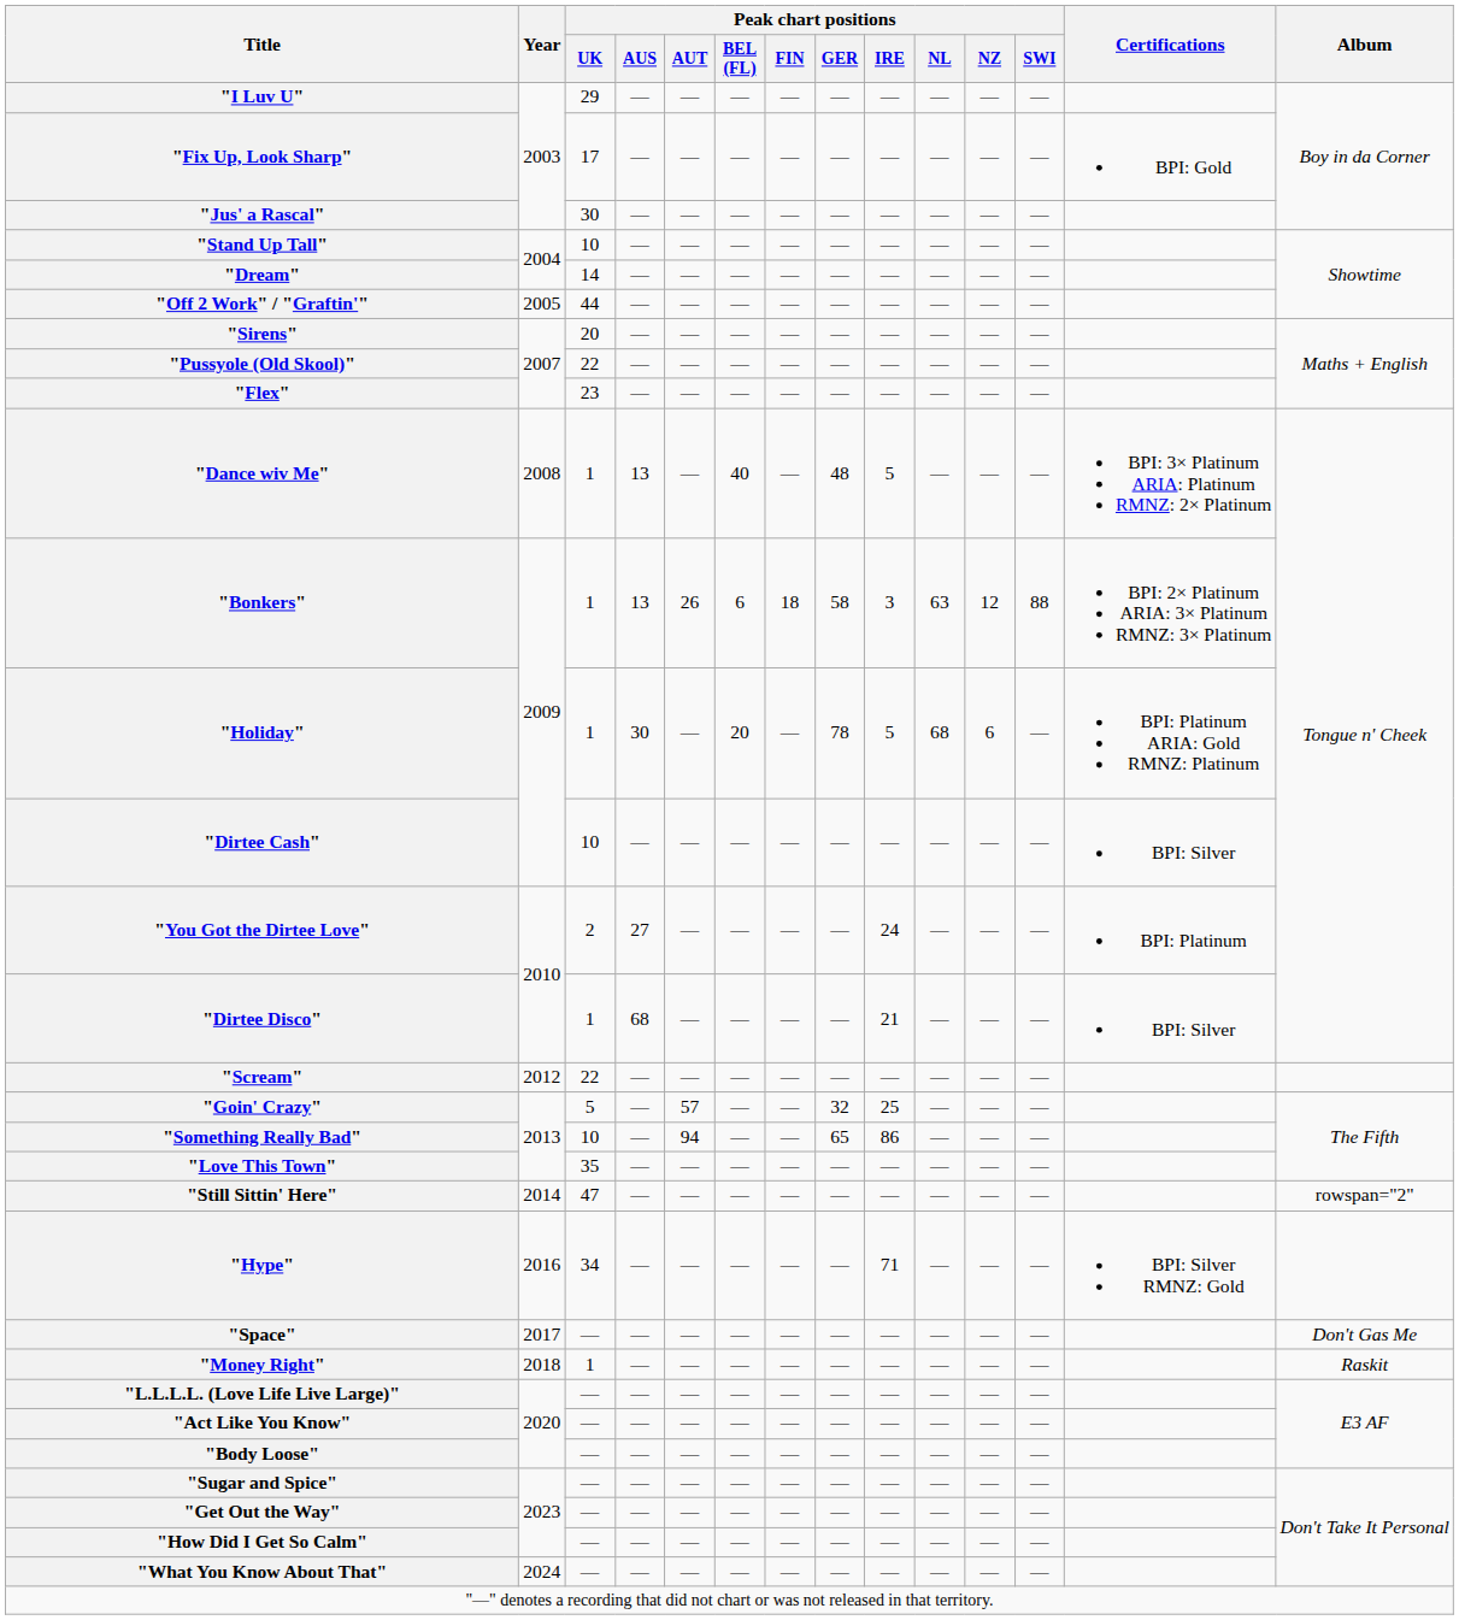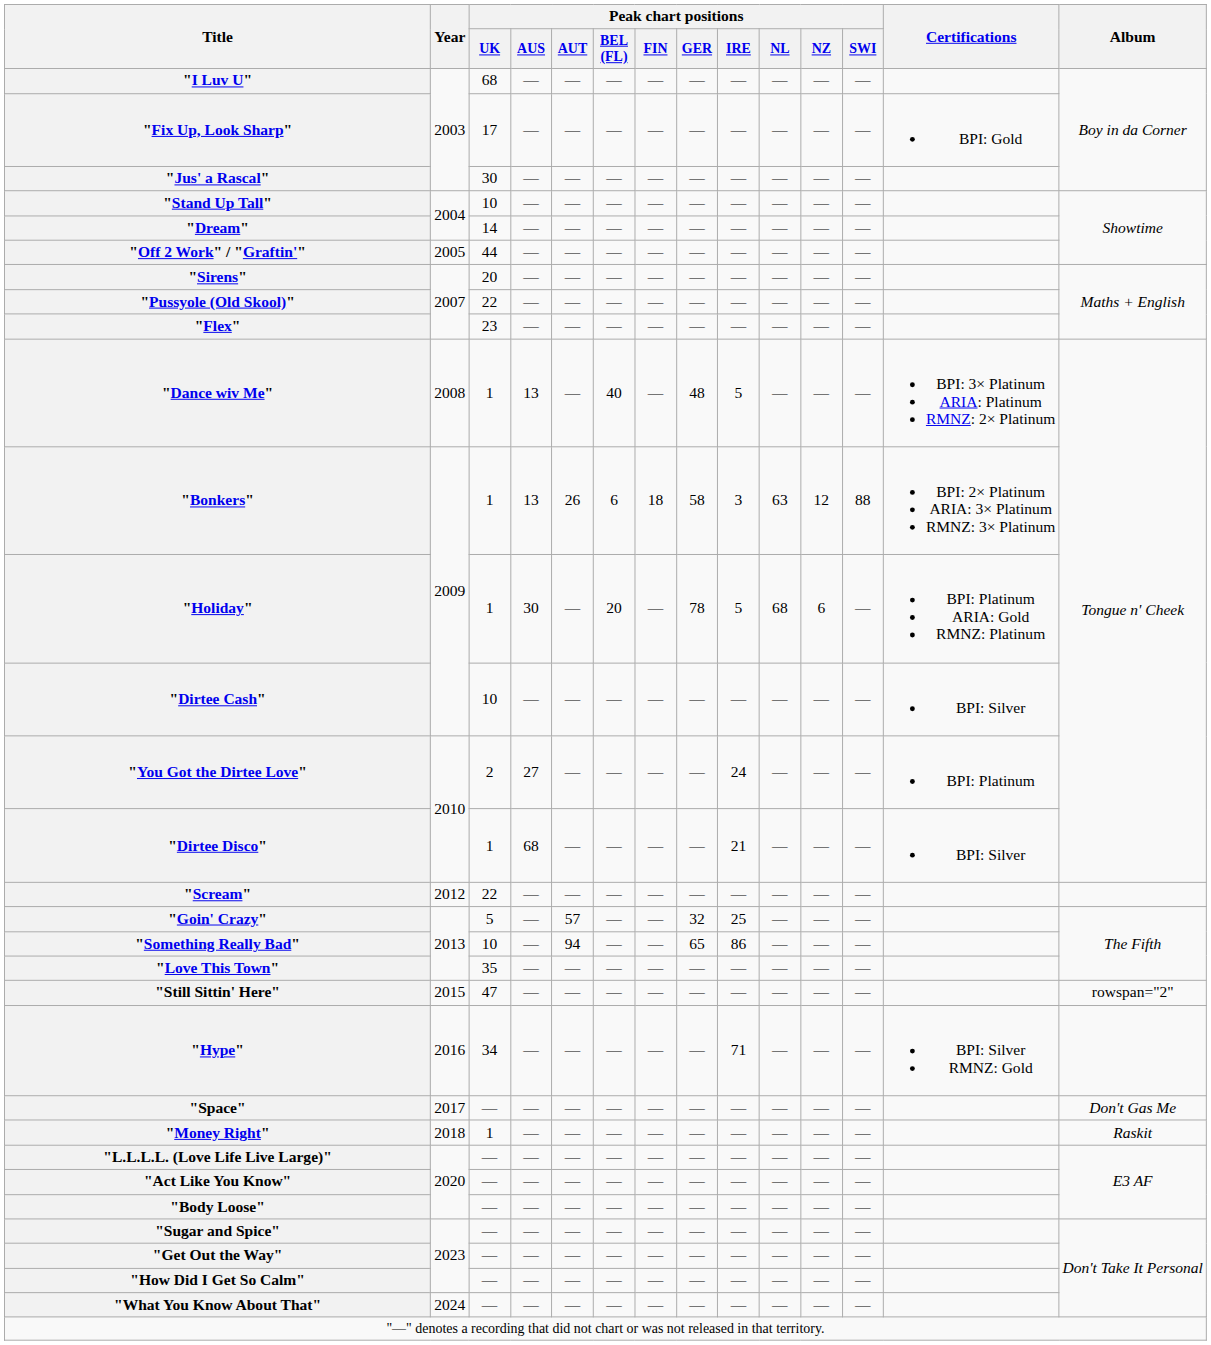 <table class="wikitable plainrowheaders" style="text-align:center;" border="1">
 <tr>
 <th scope="col" rowspan="2" style="width:27em;">Title</th>
 <th scope="col" rowspan="2" style="width:1em;">Year</th>
 <th scope="col" colspan="10">Peak chart positions</th>
 <th scope="col" rowspan="2"><a href='#'>Certifications</a></th>
 <th scope="col" rowspan="2">Album</th>
 </tr>
 <tr>
 <th scope="col" style="width:2.5em;font-size:90%;"><a href='#'>UK</a><br></th>
 <th scope="col" style="width:2.5em;font-size:90%;"><a href='#'>AUS</a><br></th>
 <th scope="col" style="width:2.5em;font-size:90%;"><a href='#'>AUT</a><br></th>
 <th scope="col" style="width:2.5em;font-size:90%;"><a href='#'>BEL<br>(FL)</a><br></th>
 <th scope="col" style="width:2.5em;font-size:90%;"><a href='#'>FIN</a><br></th>
 <th scope="col" style="width:2.5em;font-size:90%;"><a href='#'>GER</a><br></th>
 <th scope="col" style="width:2.5em;font-size:90%;"><a href='#'>IRE</a><br></th>
 <th scope="col" style="width:2.5em;font-size:90%;"><a href='#'>NL</a><br></th>
 <th scope="col" style="width:2.5em;font-size:90%;"><a href='#'>NZ</a><br></th>
 <th scope="col" style="width:2.5em;font-size:90%;"><a href='#'>SWI</a><br></th>
 </tr>
 <tr>
 <th scope="row">"<a href='#'>I Luv U</a>"</th>
 <td rowspan="3">2003</td>
-<td>29</td>
+<td>68</td>
 <td>—</td>
 <td>—</td>
 <td>—</td>
 <td>—</td>
 <td>—</td>
 <td>—</td>
 <td>—</td>
 <td>—</td>
 <td>—</td>
 <td></td>
 <td rowspan="3"><em>Boy in da Corner</em></td>
 </tr>
 <tr>
 <th scope="row">"<a href='#'>Fix Up, Look Sharp</a>"</th>
 <td>17</td>
 <td>—</td>
 <td>—</td>
 <td>—</td>
 <td>—</td>
 <td>—</td>
 <td>—</td>
 <td>—</td>
 <td>—</td>
 <td>—</td>
 <td><br><ul><li>BPI: Gold</li></ul></td>
 </tr>
 <tr>
 <th scope="row">"<a href='#'>Jus' a Rascal</a>"</th>
 <td>30</td>
 <td>—</td>
 <td>—</td>
 <td>—</td>
 <td>—</td>
 <td>—</td>
 <td>—</td>
 <td>—</td>
 <td>—</td>
 <td>—</td>
 <td></td>
 </tr>
 <tr>
 <th scope="row">"<a href='#'>Stand Up Tall</a>"</th>
 <td rowspan="2">2004</td>
 <td>10</td>
 <td>—</td>
 <td>—</td>
 <td>—</td>
 <td>—</td>
 <td>—</td>
 <td>—</td>
 <td>—</td>
 <td>—</td>
 <td>—</td>
 <td></td>
 <td rowspan="3"><em>Showtime</em></td>
 </tr>
 <tr>
 <th scope="row">"<a href='#'>Dream</a>"</th>
 <td>14</td>
 <td>—</td>
 <td>—</td>
 <td>—</td>
 <td>—</td>
 <td>—</td>
 <td>—</td>
 <td>—</td>
 <td>—</td>
 <td>—</td>
 <td></td>
 </tr>
 <tr>
 <th scope="row">"<a href='#'>Off 2 Work</a>" / "<a href='#'>Graftin'</a>"</th>
 <td>2005</td>
 <td>44</td>
 <td>—</td>
 <td>—</td>
 <td>—</td>
 <td>—</td>
 <td>—</td>
 <td>—</td>
 <td>—</td>
 <td>—</td>
 <td>—</td>
 <td></td>
 </tr>
 <tr>
 <th scope="row">"<a href='#'>Sirens</a>"</th>
 <td rowspan="3">2007</td>
 <td>20</td>
 <td>—</td>
 <td>—</td>
 <td>—</td>
 <td>—</td>
 <td>—</td>
 <td>—</td>
 <td>—</td>
 <td>—</td>
 <td>—</td>
 <td></td>
 <td rowspan="3"><em>Maths + English</em></td>
 </tr>
 <tr>
 <th scope="row">"<a href='#'>Pussyole (Old Skool)</a>"</th>
 <td>22</td>
 <td>—</td>
 <td>—</td>
 <td>—</td>
 <td>—</td>
 <td>—</td>
 <td>—</td>
 <td>—</td>
 <td>—</td>
 <td>—</td>
 <td></td>
 </tr>
 <tr>
 <th scope="row">"<a href='#'>Flex</a>"</th>
 <td>23</td>
 <td>—</td>
 <td>—</td>
 <td>—</td>
 <td>—</td>
 <td>—</td>
 <td>—</td>
 <td>—</td>
 <td>—</td>
 <td>—</td>
 <td></td>
 </tr>
 <tr>
 <th scope="row">"<a href='#'>Dance wiv Me</a>"<br></th>
 <td>2008</td>
 <td>1</td>
 <td>13</td>
 <td>—</td>
 <td>40</td>
 <td>—</td>
 <td>48</td>
 <td>5</td>
 <td>—</td>
 <td>—</td>
 <td>—</td>
 <td><br><ul><li>BPI: 3× Platinum</li><li><a href='#'>ARIA</a>: Platinum</li><li><a href='#'>RMNZ</a>: 2× Platinum</li></ul></td>
 <td rowspan="6"><em>Tongue n' Cheek</em></td>
 </tr>
 <tr>
 <th scope="row">"<a href='#'>Bonkers</a>"<br></th>
 <td rowspan="3">2009</td>
 <td>1</td>
 <td>13</td>
 <td>26</td>
 <td>6</td>
 <td>18</td>
 <td>58</td>
 <td>3</td>
 <td>63</td>
 <td>12</td>
 <td>88</td>
 <td><br><ul><li>BPI: 2× Platinum</li><li>ARIA: 3× Platinum</li><li>RMNZ: 3× Platinum</li></ul></td>
 </tr>
 <tr>
 <th scope="row">"<a href='#'>Holiday</a>"<br></th>
 <td>1</td>
 <td>30</td>
 <td>—</td>
 <td>20</td>
 <td>—</td>
 <td>78</td>
 <td>5</td>
 <td>68</td>
 <td>6</td>
 <td>—</td>
 <td><br><ul><li>BPI: Platinum</li><li>ARIA: Gold</li><li>RMNZ: Platinum</li></ul></td>
 </tr>
 <tr>
 <th scope="row">"<a href='#'>Dirtee Cash</a>"</th>
 <td>10</td>
 <td>—</td>
 <td>—</td>
 <td>—</td>
 <td>—</td>
 <td>—</td>
 <td>—</td>
 <td>—</td>
 <td>—</td>
 <td>—</td>
 <td><br><ul><li>BPI: Silver</li></ul></td>
 </tr>
 <tr>
 <th scope="row">"<a href='#'>You Got the Dirtee Love</a>"<br></th>
 <td rowspan="2">2010</td>
 <td>2</td>
 <td>27</td>
 <td>—</td>
 <td>—</td>
 <td>—</td>
 <td>—</td>
 <td>24</td>
 <td>—</td>
 <td>—</td>
 <td>—</td>
 <td><br><ul><li>BPI: Platinum</li></ul></td>
 </tr>
 <tr>
 <th scope="row">"<a href='#'>Dirtee Disco</a>"</th>
 <td>1</td>
 <td>68</td>
 <td>—</td>
 <td>—</td>
 <td>—</td>
 <td>—</td>
 <td>21</td>
 <td>—</td>
 <td>—</td>
 <td>—</td>
 <td><br><ul><li>BPI: Silver</li></ul></td>
 </tr>
 <tr>
 <th scope="row">"<a href='#'>Scream</a>"<br></th>
 <td>2012</td>
 <td>22</td>
 <td>—</td>
 <td>—</td>
 <td>—</td>
 <td>—</td>
 <td>—</td>
 <td>—</td>
 <td>—</td>
 <td>—</td>
 <td>—</td>
 <td></td>
 <td></td>
 </tr>
 <tr>
 <th scope="row">"<a href='#'>Goin' Crazy</a>"<br></th>
 <td rowspan="3">2013</td>
 <td>5</td>
 <td>—</td>
 <td>57</td>
 <td>—</td>
 <td>—</td>
 <td>32</td>
 <td>25</td>
 <td>—</td>
 <td>—</td>
 <td>—</td>
 <td></td>
 <td rowspan="3"><em>The Fifth</em></td>
 </tr>
 <tr>
 <th scope="row">"<a href='#'>Something Really Bad</a>"<br></th>
 <td>10</td>
 <td>—</td>
 <td>94</td>
 <td>—</td>
 <td>—</td>
 <td>65</td>
 <td>86</td>
 <td>—</td>
 <td>—</td>
 <td>—</td>
 <td></td>
 </tr>
 <tr>
 <th scope="row">"<a href='#'>Love This Town</a>"<br></th>
 <td>35</td>
 <td>—</td>
 <td>—</td>
 <td>—</td>
 <td>—</td>
 <td>—</td>
 <td>—</td>
 <td>—</td>
 <td>—</td>
 <td>—</td>
 <td></td>
 </tr>
 <tr>
 <th scope="row">"Still Sittin' Here"<br></th>
-<td>2014</td>
+<td>2015</td>
 <td>47</td>
 <td>—</td>
 <td>—</td>
 <td>—</td>
 <td>—</td>
 <td>—</td>
 <td>—</td>
 <td>—</td>
 <td>—</td>
 <td>—</td>
 <td></td>
 <td>rowspan="2" </td>
 </tr>
 <tr>
 <th scope="row">"<a href='#'>Hype</a>"<br></th>
 <td>2016</td>
 <td>34</td>
 <td>—</td>
 <td>—</td>
 <td>—</td>
 <td>—</td>
 <td>—</td>
 <td>71</td>
 <td>—</td>
 <td>—</td>
 <td>—</td>
 <td><br><ul><li>BPI: Silver</li><li>RMNZ: Gold</li></ul></td>
 </tr>
 <tr>
 <th scope="row">"Space"</th>
 <td>2017</td>
 <td>—</td>
 <td>—</td>
 <td>—</td>
 <td>—</td>
 <td>—</td>
 <td>—</td>
 <td>—</td>
 <td>—</td>
 <td>—</td>
 <td>—</td>
 <td></td>
 <td><em>Don't Gas Me</em></td>
 </tr>
 <tr>
 <th scope="row">"<a href='#'>Money Right</a>"<br></th>
 <td>2018</td>
 <td>1</td>
 <td>—</td>
 <td>—</td>
 <td>—</td>
 <td>—</td>
 <td>—</td>
 <td>—</td>
 <td>—</td>
 <td>—</td>
 <td>—</td>
 <td></td>
 <td><em>Raskit</em></td>
 </tr>
 <tr>
 <th scope="row">"L.L.L.L. (Love Life Live Large)"<br></th>
 <td rowspan="3">2020</td>
 <td>—</td>
 <td>—</td>
 <td>—</td>
 <td>—</td>
 <td>—</td>
 <td>—</td>
 <td>—</td>
 <td>—</td>
 <td>—</td>
 <td>—</td>
 <td></td>
 <td rowspan="3"><em>E3 AF</em></td>
 </tr>
 <tr>
 <th scope="row">"Act Like You Know"<br></th>
 <td>—</td>
 <td>—</td>
 <td>—</td>
 <td>—</td>
 <td>—</td>
 <td>—</td>
 <td>—</td>
 <td>—</td>
 <td>—</td>
 <td>—</td>
 <td></td>
 </tr>
 <tr>
 <th scope="row">"Body Loose"</th>
 <td>—</td>
 <td>—</td>
 <td>—</td>
 <td>—</td>
 <td>—</td>
 <td>—</td>
 <td>—</td>
 <td>—</td>
 <td>—</td>
 <td>—</td>
 <td></td>
 </tr>
 <tr>
 <th scope="row">"Sugar and Spice"<br></th>
 <td rowspan="3">2023</td>
 <td>—</td>
 <td>—</td>
 <td>—</td>
 <td>—</td>
 <td>—</td>
 <td>—</td>
 <td>—</td>
 <td>—</td>
 <td>—</td>
 <td>—</td>
 <td></td>
 <td rowspan="4"><em>Don't Take It Personal</em></td>
 </tr>
 <tr>
 <th scope="row">"Get Out the Way"<br></th>
 <td>—</td>
 <td>—</td>
 <td>—</td>
 <td>—</td>
 <td>—</td>
 <td>—</td>
 <td>—</td>
 <td>—</td>
 <td>—</td>
 <td>—</td>
 <td></td>
 </tr>
 <tr>
 <th scope="row">"How Did I Get So Calm"</th>
 <td>—</td>
 <td>—</td>
 <td>—</td>
 <td>—</td>
 <td>—</td>
 <td>—</td>
 <td>—</td>
 <td>—</td>
 <td>—</td>
 <td>—</td>
 <td></td>
 </tr>
 <tr>
 <th scope="row">"What You Know About That"<br></th>
 <td>2024</td>
 <td>—</td>
 <td>—</td>
 <td>—</td>
 <td>—</td>
 <td>—</td>
 <td>—</td>
 <td>—</td>
 <td>—</td>
 <td>—</td>
 <td>—</td>
 <td></td>
 </tr>
 <tr>
 <td colspan="14" style="font-size:90%">"—" denotes a recording that did not chart or was not released in that territory.</td>
 </tr>
 </table>
